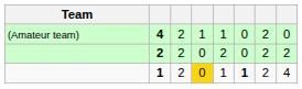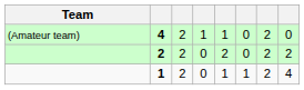 <table class="wikitable" style="text-align: center;">
 <tr>
 <th width=180>Team</th>
 <th width=20></th>
 <th width=20></th>
 <th width=20></th>
 <th width=20></th>
 <th width=20></th>
 <th width=20></th>
 <th width=20></th>
 </tr>
 <tr bgcolor=ccffcc>
 <td align=left> <small>(Amateur team)</small></td>
 <td><strong>4</strong></td>
 <td>2</td>
 <td>1</td>
 <td>1</td>
 <td>0</td>
 <td>2</td>
 <td>0</td>
 </tr>
 <tr bgcolor=ccffcc>
 <td align=left></td>
 <td><strong>2</strong></td>
 <td>2</td>
 <td>0</td>
 <td>2</td>
 <td>0</td>
 <td>2</td>
 <td>2</td>
 </tr>
 <tr>
 <td align=left></td>
 <td><strong>1</strong></td>
 <td>2</td>
-<td style="background: gold;">0</td>
+<td>0</td>
 <td>1</td>
-<td><strong>1</strong></td>
+<td>1</td>
 <td>2</td>
 <td>4</td>
 </tr>
 </table>
